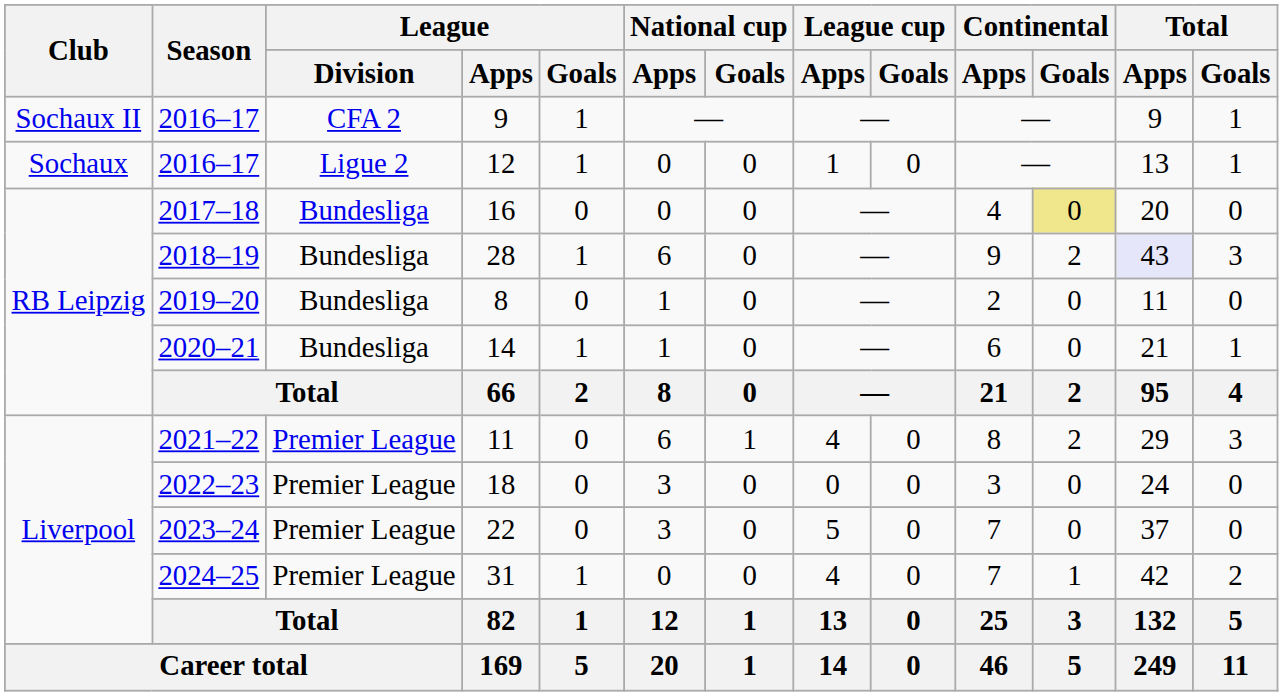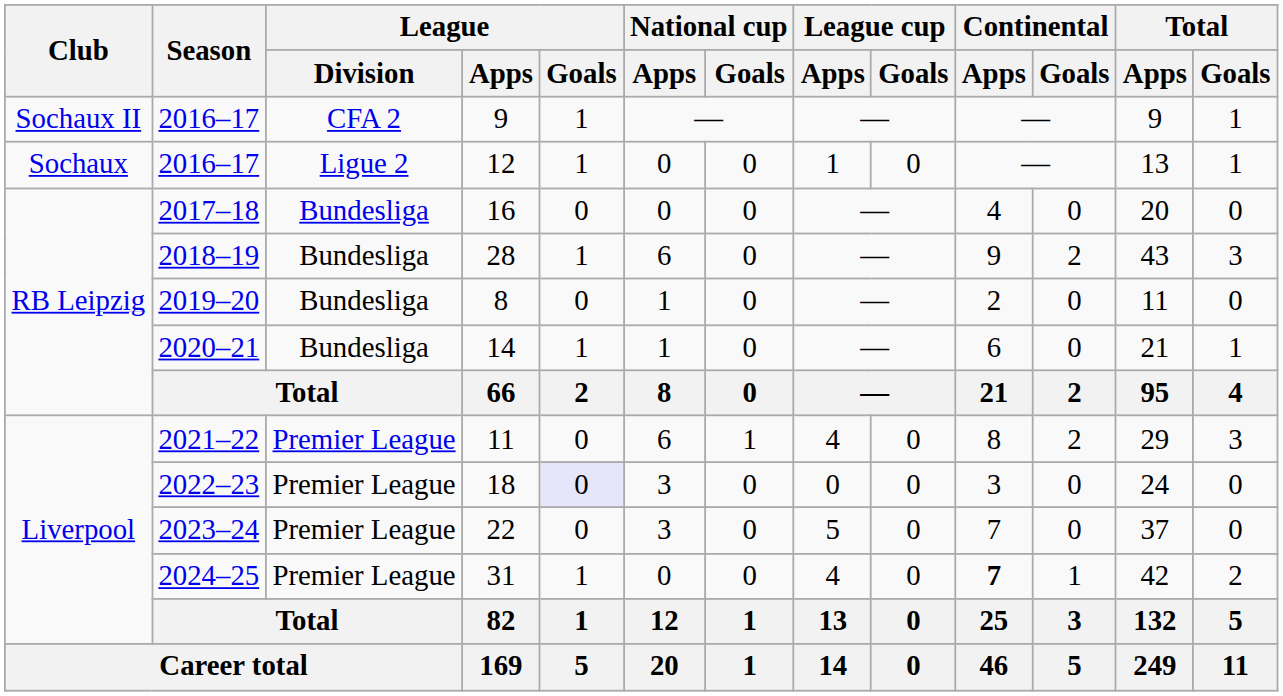 <table class="wikitable" style="text-align: center;">
 <tr>
 <th rowspan="2">Club</th>
 <th rowspan="2">Season</th>
 <th colspan="3">League</th>
 <th colspan="2">National cup</th>
 <th colspan="2">League cup</th>
 <th colspan="2">Continental</th>
 <th colspan="2">Total</th>
 </tr>
 <tr>
 <th>Division</th>
 <th>Apps</th>
 <th>Goals</th>
 <th>Apps</th>
 <th>Goals</th>
 <th>Apps</th>
 <th>Goals</th>
 <th>Apps</th>
 <th>Goals</th>
 <th>Apps</th>
 <th>Goals</th>
 </tr>
 <tr>
 <td><a href='#'>Sochaux II</a></td>
 <td><a href='#'>2016–17</a></td>
 <td><a href='#'>CFA 2</a></td>
 <td>9</td>
 <td>1</td>
 <td colspan="2">—</td>
 <td colspan="2">—</td>
 <td colspan="2">—</td>
 <td>9</td>
 <td>1</td>
 </tr>
 <tr>
 <td><a href='#'>Sochaux</a></td>
 <td><a href='#'>2016–17</a></td>
 <td><a href='#'>Ligue 2</a></td>
 <td>12</td>
 <td>1</td>
 <td>0</td>
 <td>0</td>
 <td>1</td>
 <td>0</td>
 <td colspan="2">—</td>
 <td>13</td>
 <td>1</td>
 </tr>
 <tr>
 <td rowspan="5"><a href='#'>RB Leipzig</a></td>
 <td><a href='#'>2017–18</a></td>
 <td><a href='#'>Bundesliga</a></td>
 <td>16</td>
 <td>0</td>
 <td>0</td>
 <td>0</td>
 <td colspan="2">—</td>
 <td>4</td>
-<td style="background: khaki;">0</td>
+<td>0</td>
 <td>20</td>
 <td>0</td>
 </tr>
 <tr>
 <td><a href='#'>2018–19</a></td>
 <td>Bundesliga</td>
 <td>28</td>
 <td>1</td>
 <td>6</td>
 <td>0</td>
 <td colspan="2">—</td>
 <td>9</td>
 <td>2</td>
-<td style="background: lavender;">43</td>
+<td>43</td>
 <td>3</td>
 </tr>
 <tr>
 <td><a href='#'>2019–20</a></td>
 <td>Bundesliga</td>
 <td>8</td>
 <td>0</td>
 <td>1</td>
 <td>0</td>
 <td colspan="2">—</td>
 <td>2</td>
 <td>0</td>
 <td>11</td>
 <td>0</td>
 </tr>
 <tr>
 <td><a href='#'>2020–21</a></td>
 <td>Bundesliga</td>
 <td>14</td>
 <td>1</td>
 <td>1</td>
 <td>0</td>
 <td colspan="2">—</td>
 <td>6</td>
 <td>0</td>
 <td>21</td>
 <td>1</td>
 </tr>
 <tr>
 <th colspan="2">Total</th>
 <th>66</th>
 <th>2</th>
 <th>8</th>
 <th>0</th>
 <th colspan="2">—</th>
 <th>21</th>
 <th>2</th>
 <th>95</th>
 <th>4</th>
 </tr>
 <tr>
 <td rowspan="5"><a href='#'>Liverpool</a></td>
 <td><a href='#'>2021–22</a></td>
 <td><a href='#'>Premier League</a></td>
 <td>11</td>
 <td>0</td>
 <td>6</td>
 <td>1</td>
 <td>4</td>
 <td>0</td>
 <td>8</td>
 <td>2</td>
 <td>29</td>
 <td>3</td>
 </tr>
 <tr>
 <td><a href='#'>2022–23</a></td>
 <td>Premier League</td>
 <td>18</td>
-<td>0</td>
+<td style="background: lavender;">0</td>
 <td>3</td>
 <td>0</td>
 <td>0</td>
 <td>0</td>
 <td>3</td>
 <td>0</td>
 <td>24</td>
 <td>0</td>
 </tr>
 <tr>
 <td><a href='#'>2023–24</a></td>
 <td>Premier League</td>
 <td>22</td>
 <td>0</td>
 <td>3</td>
 <td>0</td>
 <td>5</td>
 <td>0</td>
 <td>7</td>
 <td>0</td>
 <td>37</td>
 <td>0</td>
 </tr>
 <tr>
 <td><a href='#'>2024–25</a></td>
 <td>Premier League</td>
 <td>31</td>
 <td>1</td>
 <td>0</td>
 <td>0</td>
 <td>4</td>
 <td>0</td>
-<td>7</td>
+<td><strong>7</strong></td>
 <td>1</td>
 <td>42</td>
 <td>2</td>
 </tr>
 <tr>
 <th colspan="2">Total</th>
 <th>82</th>
 <th>1</th>
 <th>12</th>
 <th>1</th>
 <th>13</th>
 <th>0</th>
 <th>25</th>
 <th>3</th>
 <th>132</th>
 <th>5</th>
 </tr>
 <tr>
 <th colspan="3">Career total</th>
 <th>169</th>
 <th>5</th>
 <th>20</th>
 <th>1</th>
 <th>14</th>
 <th>0</th>
 <th>46</th>
 <th>5</th>
 <th>249</th>
 <th>11</th>
 </tr>
 </table>
